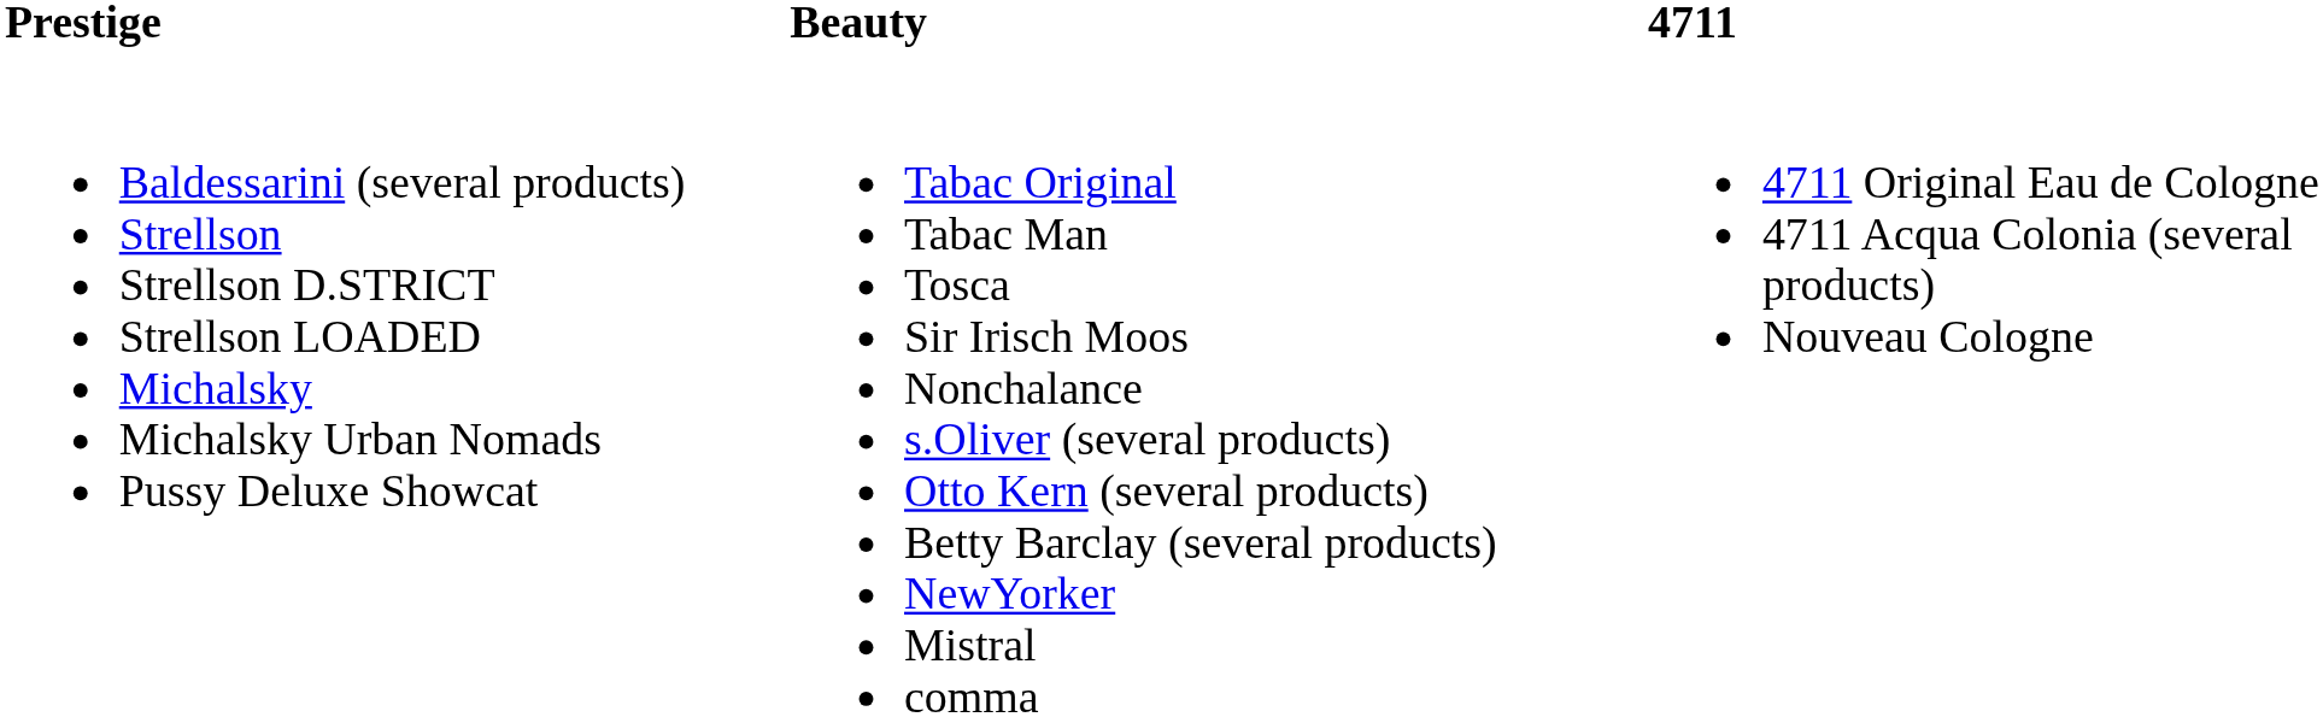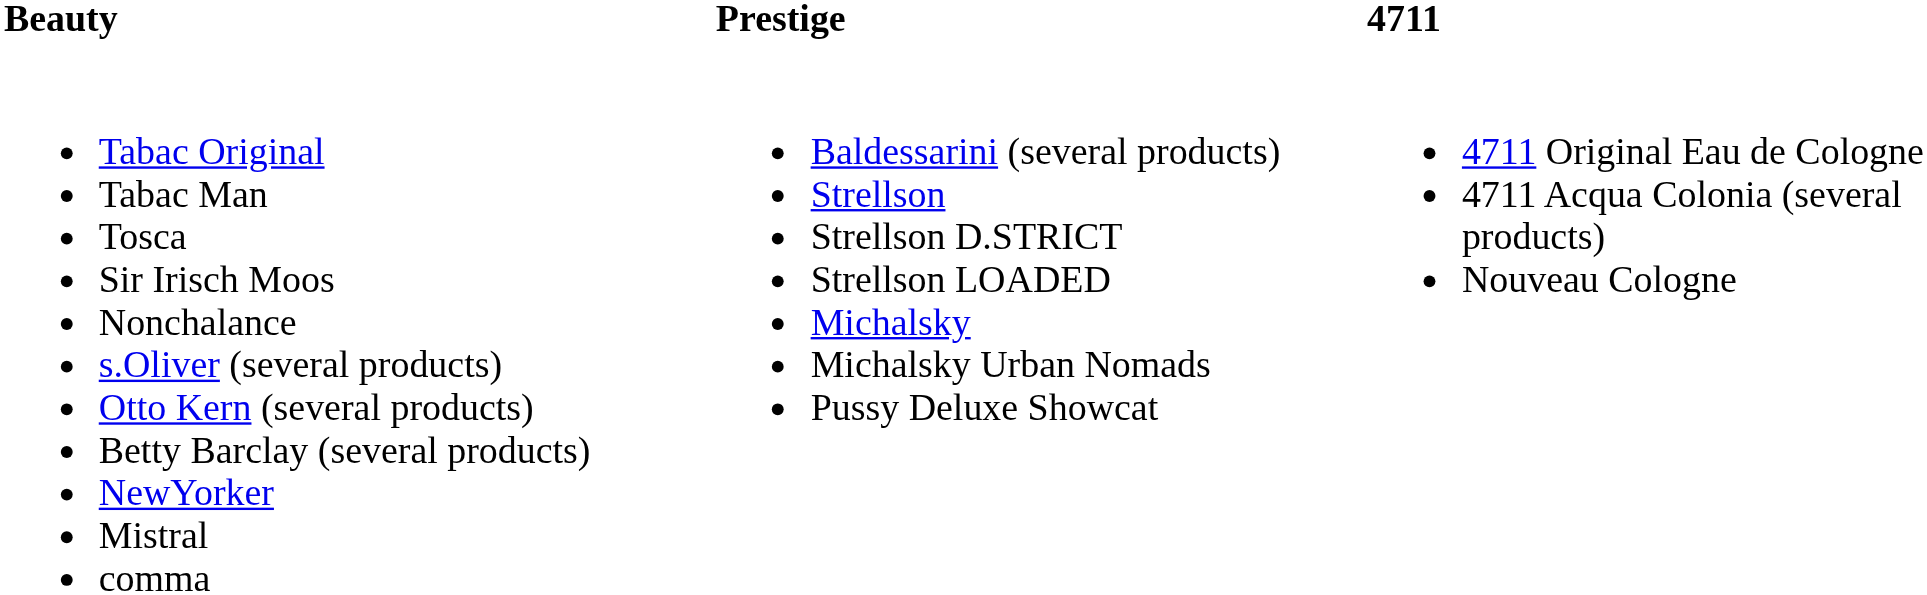 <table style="text-align:left; margin-left:2em">
 <tr>
+<th style="width:35%">Beauty</th>
 <th style="width:32%">Prestige</th>
-<th style="width:35%">Beauty</th>
 <th style="width:32%">4711</th>
 </tr>
 <tr style="vertical-align:top" |>
+<td><br><ul><li><a href='#'>Tabac Original</a></li><li>Tabac Man</li><li>Tosca</li><li>Sir Irisch Moos</li><li>Nonchalance</li><li><a href='#'>s.Oliver</a> (several products)</li><li><a href='#'>Otto Kern</a> (several products)</li><li>Betty Barclay (several products)</li><li><a href='#'>NewYorker</a></li><li>Mistral</li><li>comma</li></ul></td>
 <td style="vertical-align:top"><br><ul><li><a href='#'>Baldessarini</a> (several products)</li><li><a href='#'>Strellson</a></li><li>Strellson D.STRICT</li><li>Strellson LOADED</li><li><a href='#'>Michalsky</a></li><li>Michalsky Urban Nomads</li><li>Pussy Deluxe Showcat</li></ul></td>
-<td><br><ul><li><a href='#'>Tabac Original</a></li><li>Tabac Man</li><li>Tosca</li><li>Sir Irisch Moos</li><li>Nonchalance</li><li><a href='#'>s.Oliver</a> (several products)</li><li><a href='#'>Otto Kern</a> (several products)</li><li>Betty Barclay (several products)</li><li><a href='#'>NewYorker</a></li><li>Mistral</li><li>comma</li></ul></td>
 <td style="vertical-align:top"><br><ul><li><a href='#'>4711</a> Original Eau de Cologne</li><li>4711 Acqua Colonia (several products)</li><li>Nouveau Cologne</li></ul></td>
 </tr>
 </table>
